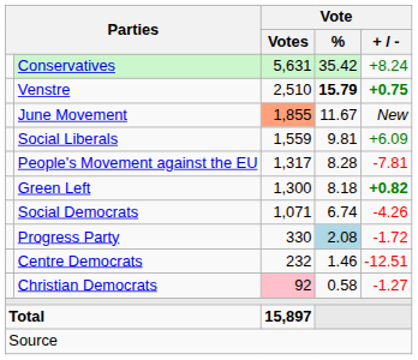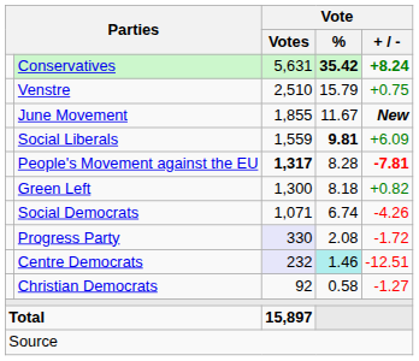 <table class="wikitable" style="text-align:right;">
 <tr>
 <th style="text-align:centre;" rowspan="2" colspan="2" width="225">Parties</th>
 <th colspan="3">Vote</th>
 </tr>
 <tr>
 <th width="15">Votes</th>
 <th width="15">%</th>
 <th width="15">+ / -</th>
 </tr>
 <tr>
 <td width="2" style="color:inherit;background:"></td>
 <td bgcolor=#ccf7cc   align="left"><a href='#'>Conservatives</a></td>
 <td bgcolor=#ccf7cc>5,631</td>
-<td bgcolor=#ccf7cc>35.42</td>
-<td style=color:green;>+8.24</td>
+<td bgcolor=#ccf7cc><strong>35.42</strong></td>
+<td style=color:green;><strong>+8.24</strong></td>
 </tr>
 <tr>
 <td width="2" style="color:inherit;background:"></td>
 <td align="left"><a href='#'>Venstre</a></td>
 <td>2,510</td>
-<td><strong>15.79</strong></td>
-<td style=color:green;><strong>+0.75</strong></td>
+<td>15.79</td>
+<td style=color:green;>+0.75</td>
 </tr>
 <tr>
 <td width="2" style="color:inherit;background:"></td>
 <td align="left"><a href='#'>June Movement</a></td>
-<td style="background: lightsalmon;">1,855</td>
+<td>1,855</td>
 <td>11.67</td>
-<td><em>New</em></td>
+<td><strong><em>New</em></strong></td>
 </tr>
 <tr>
 <td width="2" style="color:inherit;background:"></td>
 <td align="left"><a href='#'>Social Liberals</a></td>
 <td>1,559</td>
-<td>9.81</td>
+<td><strong>9.81</strong></td>
 <td style=color:green;>+6.09</td>
 </tr>
 <tr>
 <td width="2" style="color:inherit;background:"></td>
 <td align="left"><a href='#'>People's Movement against the EU</a></td>
-<td>1,317</td>
+<td><strong>1,317</strong></td>
 <td>8.28</td>
-<td style=color:red;>-7.81</td>
+<td style=color:red;><strong>-7.81</strong></td>
 </tr>
 <tr>
 <td width="2" style="color:inherit;background:"></td>
 <td align="left"><a href='#'>Green Left</a></td>
 <td>1,300</td>
 <td>8.18</td>
-<td style=color:green;><strong>+0.82</strong></td>
+<td style=color:green;>+0.82</td>
 </tr>
 <tr>
 <td width="2" style="color:inherit;background:"></td>
 <td align="left"><a href='#'>Social Democrats</a></td>
 <td>1,071</td>
 <td>6.74</td>
 <td style=color:red;>-4.26</td>
 </tr>
 <tr>
 <td width="2" style="color:inherit;background:"></td>
 <td align="left"><a href='#'>Progress Party</a></td>
-<td>330</td>
-<td style="background: lightblue;">2.08</td>
+<td style="background: lavender;">330</td>
+<td>2.08</td>
 <td style=color:red;>-1.72</td>
 </tr>
 <tr>
 <td width="2" style="color:inherit;background:"></td>
 <td align="left"><a href='#'>Centre Democrats</a></td>
-<td>232</td>
-<td>1.46</td>
+<td style="background: lavender;">232</td>
+<td style="background: paleturquoise;">1.46</td>
 <td style=color:red;>-12.51</td>
 </tr>
 <tr>
 <td width="2" style="color:inherit;background:"></td>
 <td align="left"><a href='#'>Christian Democrats</a></td>
-<td style="background: pink;">92</td>
+<td>92</td>
 <td>0.58</td>
 <td style=color:red;>-1.27</td>
 </tr>
 <tr>
 <td colspan="7" bgcolor="#E9E9E9"></td>
 </tr>
 <tr>
 <td align="left" colspan="2"><strong>Total</strong></td>
 <td><strong>15,897</strong></td>
 <td bgcolor="#E9E9E9" colspan="2"></td>
 </tr>
 <tr>
 <td align="left" colspan="6">Source</td>
 </tr>
 </table>
